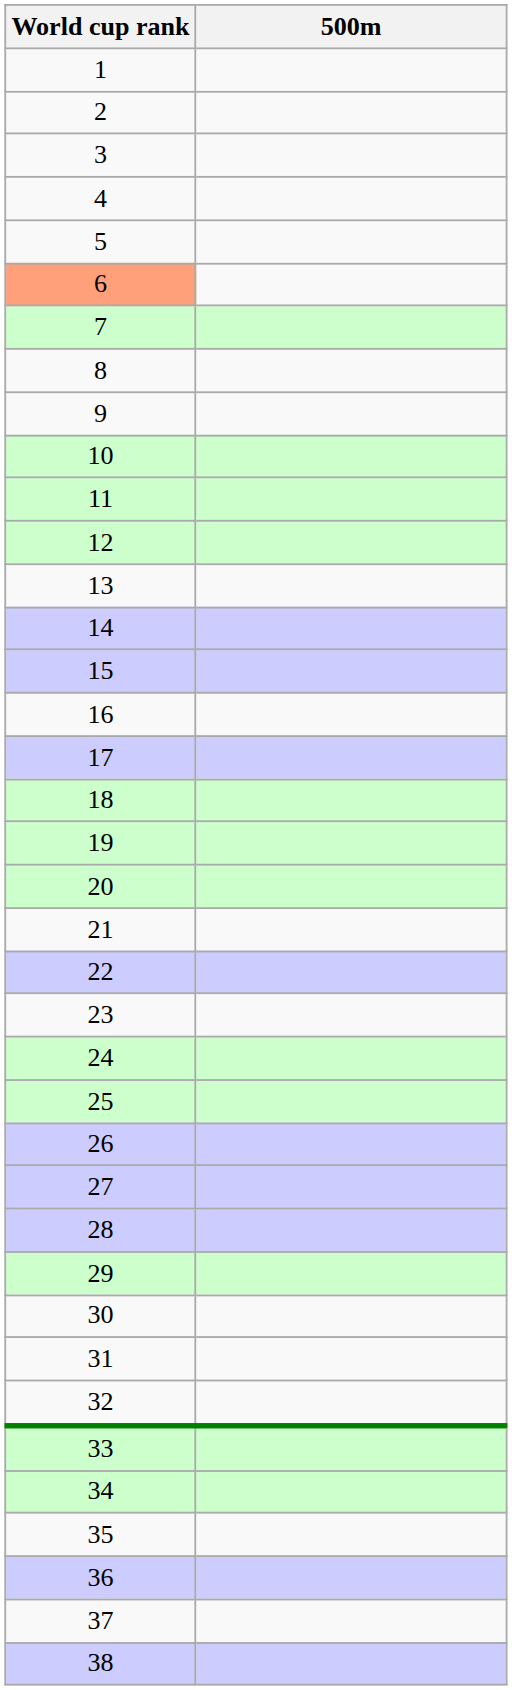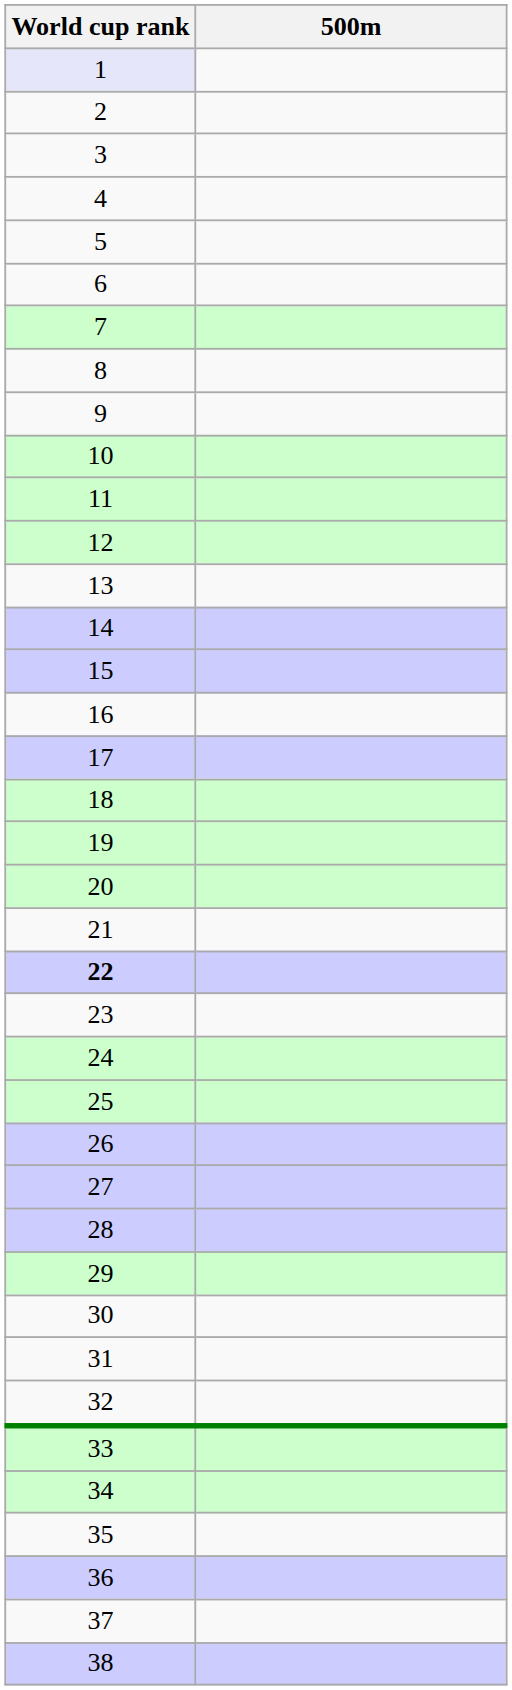 <table class="wikitable sortable" style="font-size:90%; text-align:center;margin: 1em auto 1em auto ">
 <tr>
 <th>World cup rank</th>
 <th width=165>500m</th>
 </tr>
 <tr>
-<td>1</td>
+<td style="background: lavender;">1</td>
 <td align=left></td>
 </tr>
 <tr>
 <td>2</td>
 <td align=left></td>
 </tr>
 <tr>
 <td>3</td>
 <td align=left></td>
 </tr>
 <tr>
 <td>4</td>
 <td align=left></td>
 </tr>
 <tr>
 <td>5</td>
 <td align=left></td>
 </tr>
 <tr>
-<td style="background: lightsalmon;">6</td>
+<td>6</td>
 <td align=left></td>
 </tr>
 <tr style="background: #ccffcc;">
 <td>7</td>
 <td align=left></td>
 </tr>
 <tr>
 <td>8</td>
 <td align=left></td>
 </tr>
 <tr>
 <td>9</td>
 <td align=left></td>
 </tr>
 <tr style="background: #ccffcc;">
 <td>10</td>
 <td align=left></td>
 </tr>
 <tr style="background: #ccffcc;">
 <td>11</td>
 <td align=left></td>
 </tr>
 <tr style="background: #ccffcc;">
 <td>12</td>
 <td align=left></td>
 </tr>
 <tr>
 <td>13</td>
 <td align=left></td>
 </tr>
 <tr style="background: #ccccff;">
 <td>14</td>
 <td align=left></td>
 </tr>
 <tr style="background: #ccccff;">
 <td>15</td>
 <td align=left></td>
 </tr>
 <tr>
 <td>16</td>
 <td align=left></td>
 </tr>
 <tr style="background: #ccccff;">
 <td>17</td>
 <td align=left></td>
 </tr>
 <tr style="background: #ccffcc;">
 <td>18</td>
 <td align=left></td>
 </tr>
 <tr style="background: #ccffcc;">
 <td>19</td>
 <td align=left></td>
 </tr>
 <tr style="background: #ccffcc;">
 <td>20</td>
 <td align=left></td>
 </tr>
 <tr>
 <td>21</td>
 <td align=left></td>
 </tr>
 <tr style="background: #ccccff;">
-<td>22</td>
+<td><strong>22</strong></td>
 <td align=left></td>
 </tr>
 <tr>
 <td>23</td>
 <td align=left></td>
 </tr>
 <tr style="background: #ccffcc;">
 <td>24</td>
 <td align=left></td>
 </tr>
 <tr style="background: #ccffcc;">
 <td>25</td>
 <td align=left></td>
 </tr>
 <tr style="background: #ccccff;">
 <td>26</td>
 <td align=left></td>
 </tr>
 <tr style="background: #ccccff;">
 <td>27</td>
 <td align=left></td>
 </tr>
 <tr style="background: #ccccff;">
 <td>28</td>
 <td align=left></td>
 </tr>
 <tr style="background: #ccffcc;">
 <td>29</td>
 <td align=left></td>
 </tr>
 <tr>
 <td>30</td>
 <td align=left></td>
 </tr>
 <tr>
 <td>31</td>
 <td align=left></td>
 </tr>
 <tr style="border-bottom:3px solid green;">
 <td>32</td>
 <td align=left></td>
 </tr>
 <tr style="background: #ccffcc;">
 <td>33</td>
 <td align=left></td>
 </tr>
 <tr style="background: #ccffcc;">
 <td>34</td>
 <td align=left></td>
 </tr>
 <tr>
 <td>35</td>
 <td align=left></td>
 </tr>
 <tr style="background: #ccccff;">
 <td>36</td>
 <td align=left></td>
 </tr>
 <tr>
 <td>37</td>
 <td align=left></td>
 </tr>
 <tr style="background: #ccccff;">
 <td>38</td>
 <td align=left></td>
 </tr>
 </table>
